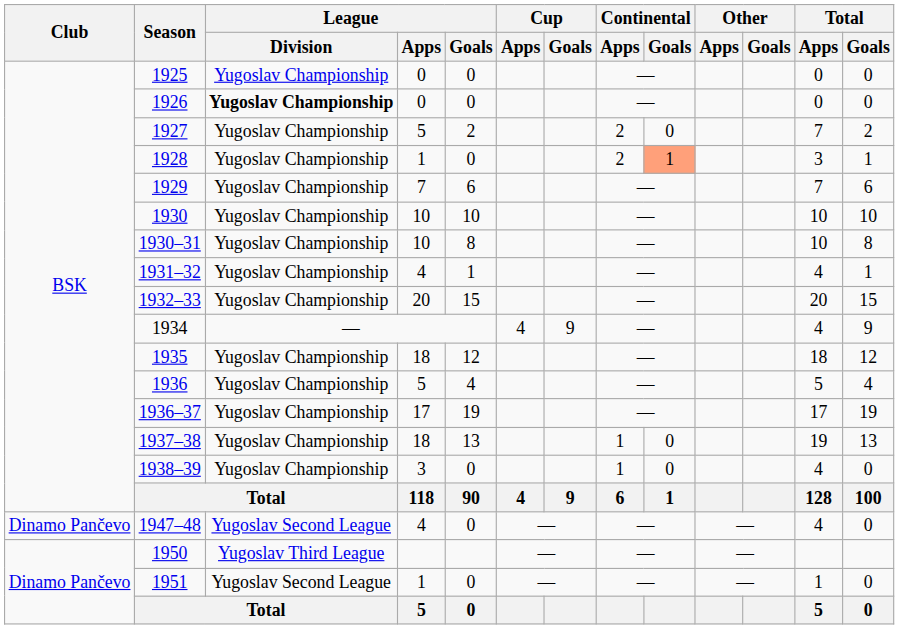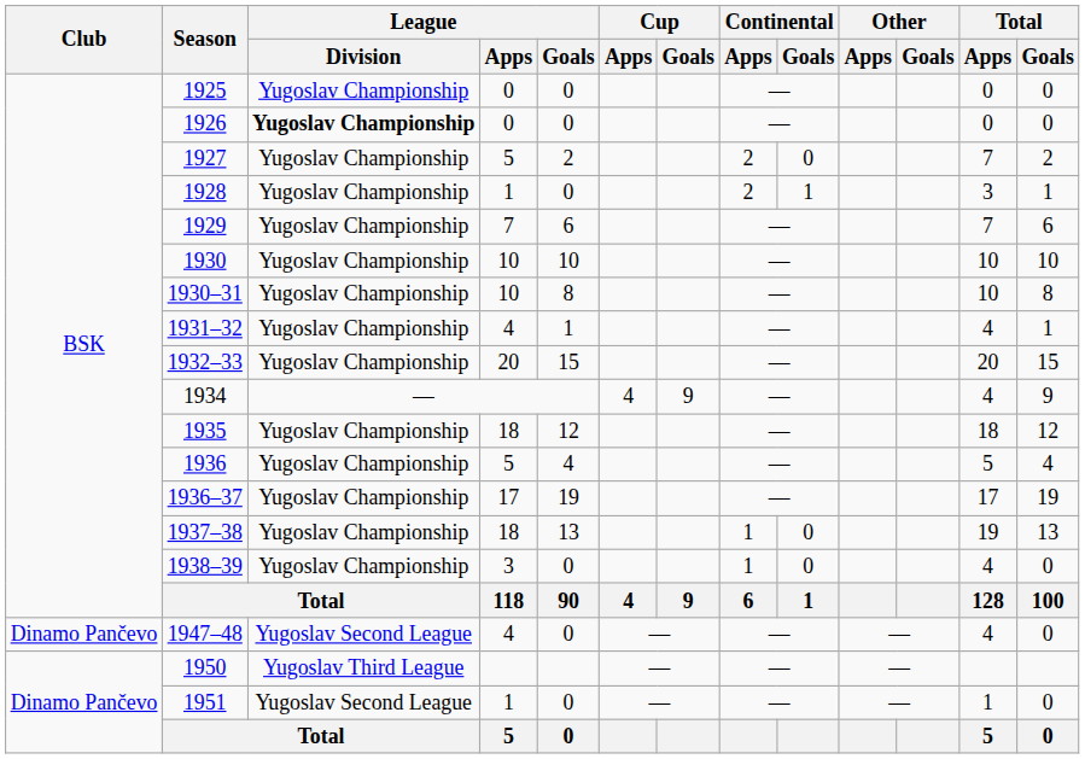 <table class="wikitable" style="text-align:center">
 <tr>
 <th rowspan=2>Club</th>
 <th rowspan=2>Season</th>
 <th colspan="3">League</th>
 <th colspan=2>Cup</th>
 <th colspan=2>Continental</th>
 <th colspan=2>Other</th>
 <th colspan=2>Total</th>
 </tr>
 <tr>
 <th>Division</th>
 <th>Apps</th>
 <th>Goals</th>
 <th>Apps</th>
 <th>Goals</th>
 <th>Apps</th>
 <th>Goals</th>
 <th>Apps</th>
 <th>Goals</th>
 <th>Apps</th>
 <th>Goals</th>
 </tr>
 <tr>
 <td rowspan=16><a href='#'>BSK</a></td>
 <td><a href='#'>1925</a></td>
 <td><a href='#'>Yugoslav Championship</a></td>
 <td>0</td>
 <td>0</td>
 <td></td>
 <td></td>
 <td colspan=2>—</td>
 <td></td>
 <td></td>
 <td>0</td>
 <td>0</td>
 </tr>
 <tr>
 <td><a href='#'>1926</a></td>
 <td><strong>Yugoslav Championship</strong></td>
 <td>0</td>
 <td>0</td>
 <td></td>
 <td></td>
 <td colspan=2>—</td>
 <td></td>
 <td></td>
 <td>0</td>
 <td>0</td>
 </tr>
 <tr>
 <td><a href='#'>1927</a></td>
 <td>Yugoslav Championship</td>
 <td>5</td>
 <td>2</td>
 <td></td>
 <td></td>
 <td>2</td>
 <td>0</td>
 <td></td>
 <td></td>
 <td>7</td>
 <td>2</td>
 </tr>
 <tr>
 <td><a href='#'>1928</a></td>
 <td>Yugoslav Championship</td>
 <td>1</td>
 <td>0</td>
 <td></td>
 <td></td>
 <td>2</td>
-<td style="background: lightsalmon;">1</td>
+<td>1</td>
 <td></td>
 <td></td>
 <td>3</td>
 <td>1</td>
 </tr>
 <tr>
 <td><a href='#'>1929</a></td>
 <td>Yugoslav Championship</td>
 <td>7</td>
 <td>6</td>
 <td></td>
 <td></td>
 <td colspan=2>—</td>
 <td></td>
 <td></td>
 <td>7</td>
 <td>6</td>
 </tr>
 <tr>
 <td><a href='#'>1930</a></td>
 <td>Yugoslav Championship</td>
 <td>10</td>
 <td>10</td>
 <td></td>
 <td></td>
 <td colspan=2>—</td>
 <td></td>
 <td></td>
 <td>10</td>
 <td>10</td>
 </tr>
 <tr>
 <td><a href='#'>1930–31</a></td>
 <td>Yugoslav Championship</td>
 <td>10</td>
 <td>8</td>
 <td></td>
 <td></td>
 <td colspan=2>—</td>
 <td></td>
 <td></td>
 <td>10</td>
 <td>8</td>
 </tr>
 <tr>
 <td><a href='#'>1931–32</a></td>
 <td>Yugoslav Championship</td>
 <td>4</td>
 <td>1</td>
 <td></td>
 <td></td>
 <td colspan=2>—</td>
 <td></td>
 <td></td>
 <td>4</td>
 <td>1</td>
 </tr>
 <tr>
 <td><a href='#'>1932–33</a></td>
 <td>Yugoslav Championship</td>
 <td>20</td>
 <td>15</td>
 <td></td>
 <td></td>
 <td colspan=2>—</td>
 <td></td>
 <td></td>
 <td>20</td>
 <td>15</td>
 </tr>
 <tr>
 <td>1934</td>
 <td colspan=3>—</td>
 <td>4</td>
 <td>9</td>
 <td colspan=2>—</td>
 <td></td>
 <td></td>
 <td>4</td>
 <td>9</td>
 </tr>
 <tr>
 <td><a href='#'>1935</a></td>
 <td>Yugoslav Championship</td>
 <td>18</td>
 <td>12</td>
 <td></td>
 <td></td>
 <td colspan=2>—</td>
 <td></td>
 <td></td>
 <td>18</td>
 <td>12</td>
 </tr>
 <tr>
 <td><a href='#'>1936</a></td>
 <td>Yugoslav Championship</td>
 <td>5</td>
 <td>4</td>
 <td></td>
 <td></td>
 <td colspan=2>—</td>
 <td></td>
 <td></td>
 <td>5</td>
 <td>4</td>
 </tr>
 <tr>
 <td><a href='#'>1936–37</a></td>
 <td>Yugoslav Championship</td>
 <td>17</td>
 <td>19</td>
 <td></td>
 <td></td>
 <td colspan=2>—</td>
 <td></td>
 <td></td>
 <td>17</td>
 <td>19</td>
 </tr>
 <tr>
 <td><a href='#'>1937–38</a></td>
 <td>Yugoslav Championship</td>
 <td>18</td>
 <td>13</td>
 <td></td>
 <td></td>
 <td>1</td>
 <td>0</td>
 <td></td>
 <td></td>
 <td>19</td>
 <td>13</td>
 </tr>
 <tr>
 <td><a href='#'>1938–39</a></td>
 <td>Yugoslav Championship</td>
 <td>3</td>
 <td>0</td>
 <td></td>
 <td></td>
 <td>1</td>
 <td>0</td>
 <td></td>
 <td></td>
 <td>4</td>
 <td>0</td>
 </tr>
 <tr>
 <th colspan="2">Total</th>
 <th>118</th>
 <th>90</th>
 <th>4</th>
 <th>9</th>
 <th>6</th>
 <th>1</th>
 <th></th>
 <th></th>
 <th>128</th>
 <th>100</th>
 </tr>
 <tr>
 <td><a href='#'>Dinamo Pančevo</a></td>
 <td><a href='#'>1947–48</a></td>
 <td><a href='#'>Yugoslav Second League</a></td>
 <td>4</td>
 <td>0</td>
 <td colspan=2>—</td>
 <td colspan=2>—</td>
 <td colspan=2>—</td>
 <td>4</td>
 <td>0</td>
 </tr>
 <tr>
 <td rowspan=3><a href='#'>Dinamo Pančevo</a></td>
 <td><a href='#'>1950</a></td>
 <td><a href='#'>Yugoslav Third League</a></td>
 <td></td>
 <td></td>
 <td colspan=2>—</td>
 <td colspan=2>—</td>
 <td colspan=2>—</td>
 <td></td>
 <td></td>
 </tr>
 <tr>
 <td><a href='#'>1951</a></td>
 <td>Yugoslav Second League</td>
 <td>1</td>
 <td>0</td>
 <td colspan=2>—</td>
 <td colspan=2>—</td>
 <td colspan=2>—</td>
 <td>1</td>
 <td>0</td>
 </tr>
 <tr>
 <th colspan="2">Total</th>
 <th>5</th>
 <th>0</th>
 <th></th>
 <th></th>
 <th></th>
 <th></th>
 <th></th>
 <th></th>
 <th>5</th>
 <th>0</th>
 </tr>
 </table>
